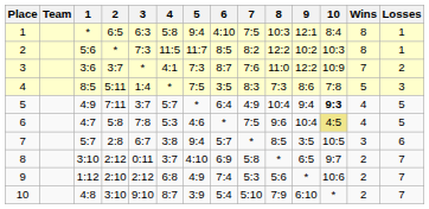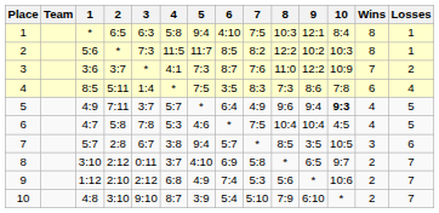 <table class="wikitable" style="text-align:center;">
 <tr>
 <th>Place</th>
 <th>Team</th>
 <th width="25">1</th>
 <th width="25">2</th>
 <th width="25">3</th>
 <th width="25">4</th>
 <th width="25">5</th>
 <th width="25">6</th>
 <th width="25">7</th>
 <th width="25">8</th>
 <th width="25">9</th>
 <th width="25">10</th>
 <th>Wins</th>
 <th>Losses</th>
 </tr>
 <tr bgcolor=#ffc>
 <td>1</td>
 <td align="left"></td>
 <td>*</td>
 <td>6:5</td>
 <td>6:3</td>
 <td>5:8</td>
 <td>9:4</td>
 <td>4:10</td>
 <td>7:5</td>
 <td>10:3</td>
 <td>12:1</td>
 <td>8:4</td>
 <td>8</td>
 <td>1</td>
 </tr>
 <tr bgcolor=#ffc>
 <td>2</td>
 <td align="left"></td>
 <td>5:6</td>
 <td>*</td>
 <td>7:3</td>
 <td>11:5</td>
 <td>11:7</td>
 <td>8:5</td>
 <td>8:2</td>
 <td>12:2</td>
 <td>10:2</td>
 <td>10:3</td>
 <td>8</td>
 <td>1</td>
 </tr>
 <tr bgcolor=#ffc>
 <td>3</td>
 <td align="left"></td>
 <td>3:6</td>
 <td>3:7</td>
 <td>*</td>
 <td>4:1</td>
 <td>7:3</td>
 <td>8:7</td>
 <td>7:6</td>
 <td>11:0</td>
 <td>12:2</td>
 <td>10:9</td>
 <td>7</td>
 <td>2</td>
 </tr>
 <tr bgcolor=#ffc>
 <td>4</td>
 <td align="left"></td>
 <td>8:5</td>
 <td>5:11</td>
 <td>1:4</td>
 <td>*</td>
 <td>7:5</td>
 <td>3:5</td>
 <td>8:3</td>
 <td>7:3</td>
 <td>8:6</td>
 <td>7:8</td>
-<td>5</td>
-<td>3</td>
+<td>6</td>
+<td>4</td>
 </tr>
 <tr>
 <td>5</td>
 <td align="left"></td>
 <td>4:9</td>
 <td>7:11</td>
 <td>3:7</td>
 <td>5:7</td>
 <td>*</td>
 <td>6:4</td>
 <td>4:9</td>
-<td>10:4</td>
+<td>9:6</td>
 <td>9:4</td>
 <td><strong>9:3</strong></td>
 <td>4</td>
 <td>5</td>
 </tr>
 <tr>
 <td>6</td>
 <td align="left"></td>
 <td>4:7</td>
 <td>5:8</td>
 <td>7:8</td>
 <td>5:3</td>
 <td>4:6</td>
 <td>*</td>
 <td>7:5</td>
-<td>9:6</td>
 <td>10:4</td>
-<td style="background: khaki;">4:5</td>
+<td>10:4</td>
+<td>4:5</td>
 <td>4</td>
 <td>5</td>
 </tr>
 <tr>
 <td>7</td>
 <td align="left"></td>
 <td>5:7</td>
 <td>2:8</td>
 <td>6:7</td>
 <td>3:8</td>
 <td>9:4</td>
 <td>5:7</td>
 <td>*</td>
 <td>8:5</td>
 <td>3:5</td>
 <td>10:5</td>
 <td>3</td>
 <td>6</td>
 </tr>
 <tr>
 <td>8</td>
 <td align="left"></td>
 <td>3:10</td>
 <td>2:12</td>
 <td>0:11</td>
 <td>3:7</td>
 <td>4:10</td>
 <td>6:9</td>
 <td>5:8</td>
 <td>*</td>
 <td>6:5</td>
 <td>9:7</td>
 <td>2</td>
 <td>7</td>
 </tr>
 <tr>
 <td>9</td>
 <td align="left"></td>
 <td>1:12</td>
 <td>2:10</td>
 <td>2:12</td>
 <td>6:8</td>
 <td>4:9</td>
 <td>7:4</td>
 <td>5:3</td>
 <td>5:6</td>
 <td>*</td>
 <td>10:6</td>
 <td>2</td>
 <td>7</td>
 </tr>
 <tr>
 <td>10</td>
 <td align="left"></td>
 <td>4:8</td>
 <td>3:10</td>
 <td>9:10</td>
 <td>8:7</td>
 <td>3:9</td>
 <td>5:4</td>
 <td>5:10</td>
 <td>7:9</td>
 <td>6:10</td>
 <td>*</td>
 <td>2</td>
 <td>7</td>
 </tr>
 </table>
